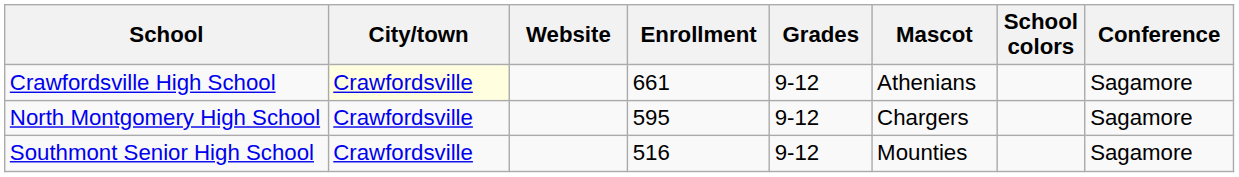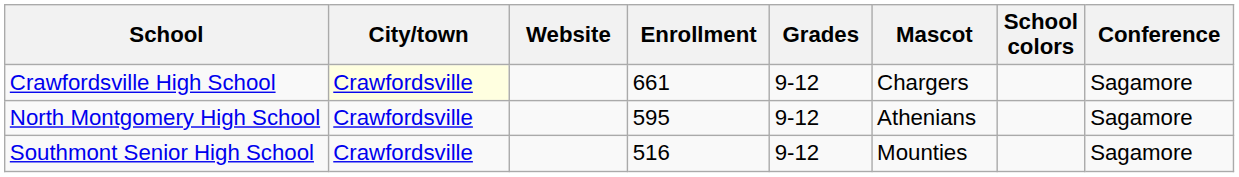 <table class="wikitable sortable" width="70%">
 <tr>
 <th width="20%">School</th>
 <th width="08%">City/town</th>
 <th width="06%">Website</th>
 <th width="04%">Enrollment</th>
 <th width="04%">Grades</th>
 <th width="04%">Mascot</th>
 <th width=01%>School colors</th>
 <th width="04%">Conference</th>
 </tr>
 <tr>
 <td><a href='#'>Crawfordsville High School</a></td>
 <td style="background: lightyellow;"><a href='#'>Crawfordsville</a></td>
 <td></td>
 <td>661</td>
 <td>9-12</td>
-<td>Athenians</td>
+<td>Chargers</td>
 <td> </td>
 <td>Sagamore</td>
 </tr>
 <tr>
 <td><a href='#'>North Montgomery High School</a></td>
 <td><a href='#'>Crawfordsville</a></td>
 <td></td>
 <td>595</td>
 <td>9-12</td>
-<td>Chargers</td>
+<td>Athenians</td>
 <td> </td>
 <td>Sagamore</td>
 </tr>
 <tr>
 <td><a href='#'>Southmont Senior High School</a></td>
 <td><a href='#'>Crawfordsville</a></td>
 <td></td>
 <td>516</td>
 <td>9-12</td>
 <td>Mounties</td>
 <td> </td>
 <td>Sagamore</td>
 </tr>
 </table>
